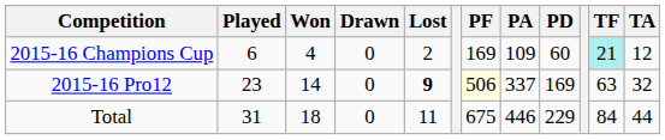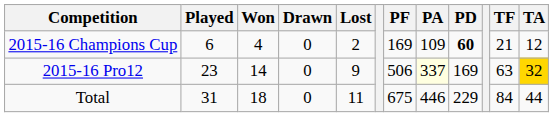 <table class="wikitable">
 <tr>
 <th>Competition</th>
 <th>Played</th>
 <th>Won</th>
 <th>Drawn</th>
 <th>Lost</th>
 <th rowspan="4"></th>
 <th>PF</th>
 <th>PA</th>
 <th>PD</th>
 <th rowspan="4"></th>
 <th>TF</th>
 <th>TA</th>
 </tr>
 <tr align=center>
 <td><a href='#'>2015-16 Champions Cup</a></td>
 <td>6</td>
 <td>4</td>
 <td>0</td>
 <td>2</td>
 <td>169</td>
 <td>109</td>
-<td>60</td>
-<td style="background: paleturquoise;">21</td>
+<td><strong>60</strong></td>
+<td>21</td>
 <td>12</td>
 </tr>
 <tr align=center>
 <td><a href='#'>2015-16 Pro12</a></td>
 <td>23</td>
 <td>14</td>
 <td>0</td>
-<td><strong>9</strong></td>
-<td style="background: lightyellow;">506</td>
-<td>337</td>
+<td>9</td>
+<td>506</td>
+<td style="background: lightyellow;">337</td>
 <td>169</td>
 <td>63</td>
-<td>32</td>
+<td style="background: gold;">32</td>
 </tr>
 <tr align=center>
 <td>Total</td>
 <td>31</td>
 <td>18</td>
 <td>0</td>
 <td>11</td>
 <td>675</td>
 <td>446</td>
 <td>229</td>
 <td>84</td>
 <td>44</td>
 </tr>
 </table>
